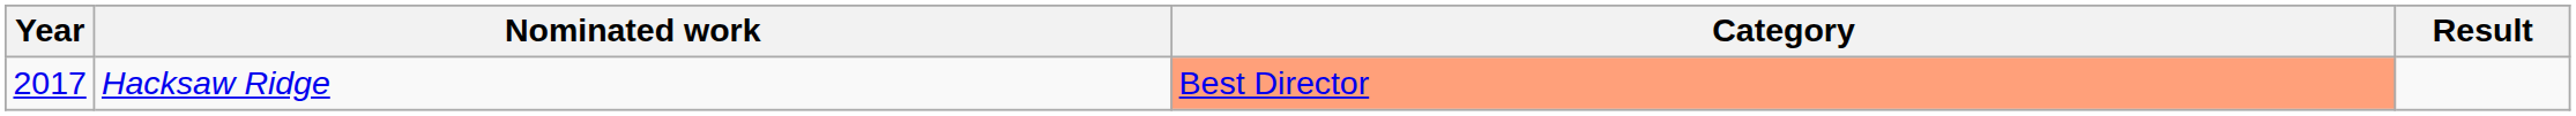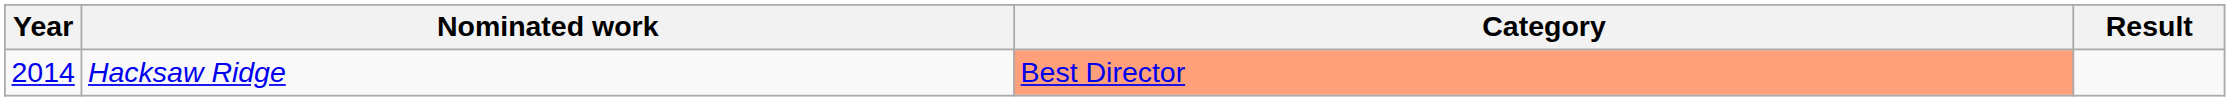 <table class="wikitable">
 <tr>
 <th scope="col" style="width:1em;">Year</th>
 <th scope="col" style="width:35em;">Nominated work</th>
 <th scope="col" style="width:40em;">Category</th>
 <th scope="col" style="width:5em;">Result</th>
 </tr>
 <tr>
-<td><a href='#'>2017</a></td>
+<td><a href='#'>2014</a></td>
 <td><em><a href='#'>Hacksaw Ridge</a></em></td>
 <td style="background: lightsalmon;"><a href='#'>Best Director</a></td>
 <td></td>
 </tr>
 </table>
